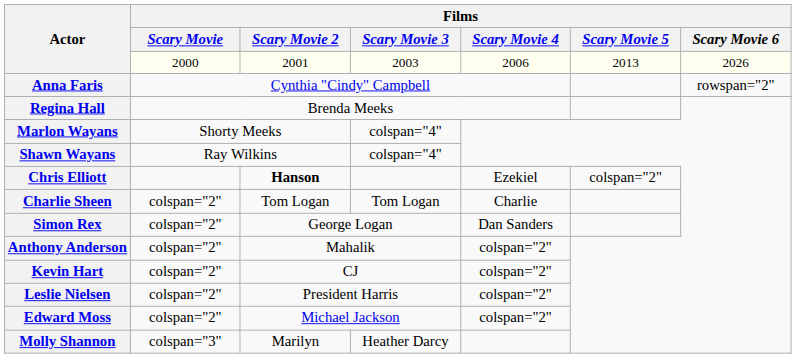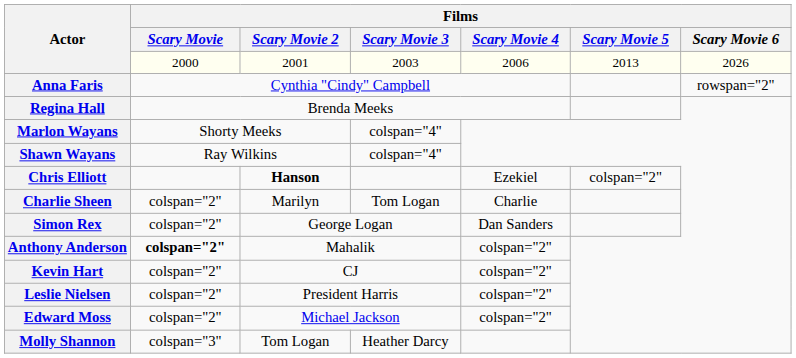 <table class="wikitable plainrowheaders" style="text-align:center">
 <tr>
 <th rowspan="3">Actor</th>
 <th colspan="6">Films</th>
 </tr>
 <tr>
 <th width="14%"><em><a href='#'>Scary Movie</a></em></th>
 <th width="14%"><em><a href='#'>Scary Movie 2</a></em></th>
 <th width="14%"><em><a href='#'>Scary Movie 3</a></em></th>
 <th width="14%"><em><a href='#'>Scary Movie 4</a></em></th>
 <th width="14%"><em><a href='#'>Scary Movie 5</a></em></th>
 <th width="14%"><em>Scary Movie 6</em></th>
 </tr>
 <tr style="background-color:#fffff0; font-size:90%">
 <td>2000</td>
 <td>2001</td>
 <td>2003</td>
 <td>2006</td>
 <td>2013</td>
 <td>2026</td>
 </tr>
 <tr>
 <th scope="row"><a href='#'>Anna Faris</a></th>
 <td colspan="4"><a href='#'>Cynthia "Cindy" Campbell</a></td>
 <td></td>
 <td>rowspan="2" </td>
 </tr>
 <tr>
 <th scope="row"><a href='#'>Regina Hall</a></th>
 <td colspan="4">Brenda Meeks</td>
 <td></td>
 </tr>
 <tr>
 <th scope="row"><a href='#'>Marlon Wayans</a></th>
 <td colspan="2">Shorty Meeks</td>
 <td>colspan="4" </td>
 </tr>
 <tr>
 <th scope="row"><a href='#'>Shawn Wayans</a></th>
 <td colspan="2">Ray Wilkins</td>
 <td>colspan="4" </td>
 </tr>
 <tr>
 <th scope="row"><a href='#'>Chris Elliott</a></th>
 <td></td>
 <td><strong>Hanson</strong></td>
 <td></td>
 <td>Ezekiel</td>
 <td>colspan="2" </td>
 </tr>
 <tr>
 <th scope="row"><a href='#'>Charlie Sheen</a></th>
 <td>colspan="2" </td>
-<td>Tom Logan</td>
+<td>Marilyn</td>
 <td>Tom Logan</td>
 <td>Charlie</td>
 <td></td>
 </tr>
 <tr>
 <th scope="row"><a href='#'>Simon Rex</a></th>
 <td>colspan="2" </td>
 <td colspan="2">George Logan</td>
 <td>Dan Sanders</td>
 <td></td>
 </tr>
 <tr>
 <th scope="row"><a href='#'>Anthony Anderson</a></th>
-<td>colspan="2" </td>
+<td><strong>colspan="2" </strong></td>
 <td colspan="2">Mahalik</td>
 <td>colspan="2" </td>
 </tr>
 <tr>
 <th scope="row"><a href='#'>Kevin Hart</a></th>
 <td>colspan="2" </td>
 <td colspan="2">CJ</td>
 <td>colspan="2" </td>
 </tr>
 <tr>
 <th scope="row"><a href='#'>Leslie Nielsen</a></th>
 <td>colspan="2" </td>
 <td colspan="2">President Harris</td>
 <td>colspan="2" </td>
 </tr>
 <tr>
 <th scope="row"><a href='#'>Edward Moss</a></th>
 <td>colspan="2" </td>
 <td colspan="2"><a href='#'>Michael Jackson</a></td>
 <td>colspan="2" </td>
 </tr>
 <tr>
 <th scope="row"><a href='#'>Molly Shannon</a></th>
 <td>colspan="3" </td>
-<td>Marilyn</td>
+<td>Tom Logan</td>
 <td>Heather Darcy</td>
 <td></td>
 </tr>
 </table>
